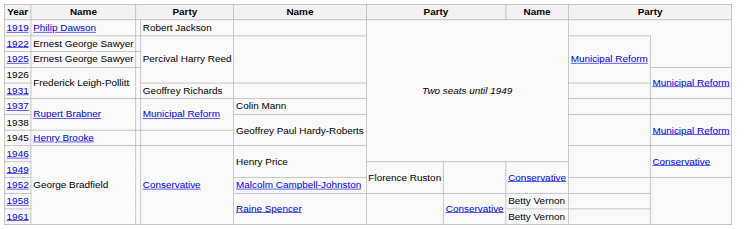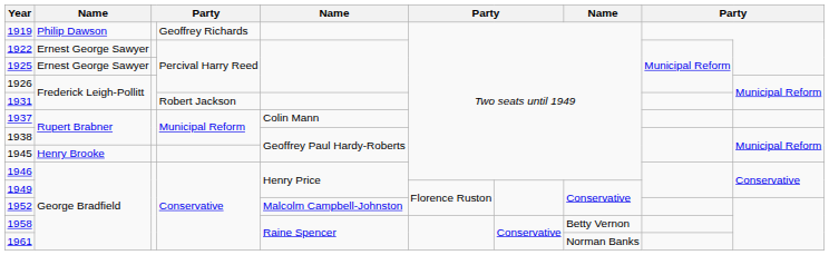 <table class="wikitable">
 <tr>
 <th>Year</th>
 <th>Name</th>
 <th colspan=2>Party</th>
 <th>Name</th>
 <th colspan=2>Party</th>
 <th>Name</th>
 <th colspan=2>Party</th>
 </tr>
 <tr>
 <td><a href='#'>1919</a></td>
 <td><a href='#'>Philip Dawson</a></td>
 <td></td>
-<td>Robert Jackson</td>
+<td>Geoffrey Richards</td>
 <td></td>
 <td rowspan=9 colspan=3 align="center"><em>Two seats until 1949</em></td>
 </tr>
 <tr>
 <td><a href='#'>1922</a></td>
 <td>Ernest George Sawyer</td>
 <td></td>
 <td rowspan=3>Percival Harry Reed</td>
 <td rowspan=3 style="background-color: "></td>
 <td rowspan=3><a href='#'>Municipal Reform</a></td>
 </tr>
 <tr>
 <td><a href='#'>1925</a></td>
 <td>Ernest George Sawyer</td>
 <td></td>
 </tr>
 <tr>
 <td>1926</td>
 <td rowspan=2>Frederick Leigh-Pollitt</td>
 <td rowspan=2 style="background-color: "></td>
 <td rowspan=2><a href='#'>Municipal Reform</a></td>
 </tr>
 <tr>
 <td><a href='#'>1931</a></td>
-<td>Geoffrey Richards</td>
+<td>Robert Jackson</td>
 <td></td>
 </tr>
 <tr>
 <td><a href='#'>1937</a></td>
 <td rowspan=2><a href='#'>Rupert Brabner</a></td>
 <td rowspan=2 style="background-color: "></td>
 <td rowspan=2><a href='#'>Municipal Reform</a></td>
 <td>Colin Mann</td>
 <td></td>
 </tr>
 <tr>
 <td>1938</td>
 <td rowspan=2>Geoffrey Paul Hardy-Roberts</td>
 <td rowspan=2 style="background-color: "></td>
 <td rowspan=2><a href='#'>Municipal Reform</a></td>
 </tr>
 <tr>
 <td>1945</td>
 <td><a href='#'>Henry Brooke</a></td>
 <td></td>
 </tr>
 <tr>
 <td><a href='#'>1946</a></td>
 <td rowspan=5>George Bradfield</td>
 <td rowspan=5 style="background-color: "></td>
 <td rowspan=5><a href='#'>Conservative</a></td>
 <td rowspan=2>Henry Price</td>
 <td rowspan=2 style="background-color: "></td>
 <td rowspan=2><a href='#'>Conservative</a></td>
 </tr>
 <tr>
 <td><a href='#'>1949</a></td>
 <td rowspan=2>Florence Ruston</td>
 <td rowspan=2 style="background-color: "></td>
 <td rowspan=2><a href='#'>Conservative</a></td>
 </tr>
 <tr>
 <td><a href='#'>1952</a></td>
 <td><a href='#'>Malcolm Campbell-Johnston</a></td>
 <td></td>
 </tr>
 <tr>
 <td><a href='#'>1958</a></td>
 <td rowspan=2><a href='#'>Raine Spencer</a></td>
 <td rowspan=2 style="background-color: "></td>
 <td rowspan=2><a href='#'>Conservative</a></td>
 <td>Betty Vernon</td>
 <td></td>
 </tr>
 <tr>
 <td><a href='#'>1961</a></td>
-<td>Betty Vernon</td>
+<td>Norman Banks</td>
 <td></td>
 </tr>
 </table>
